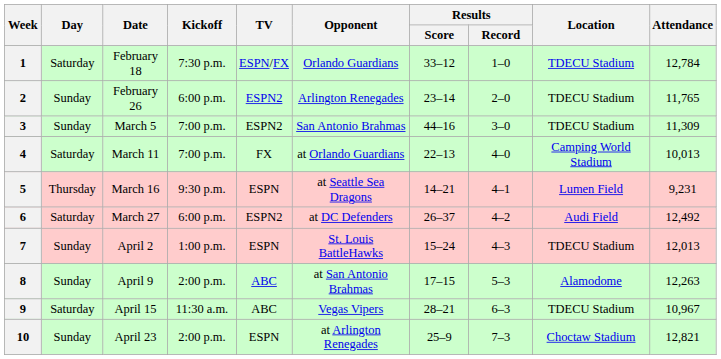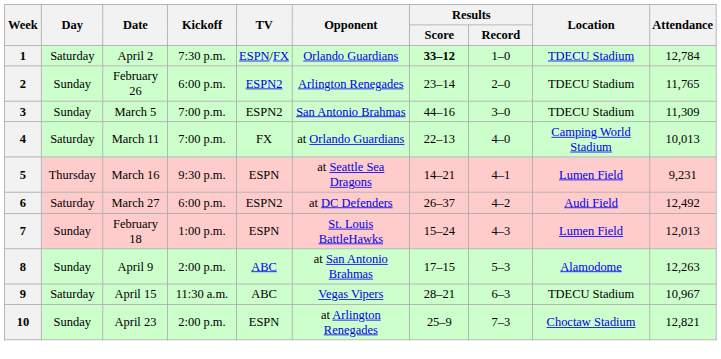 <table class="wikitable" style="text-align:center; font-size: 95%;">
 <tr>
 <th rowspan="2" width="40">Week</th>
 <th rowspan="2" width="80">Day</th>
 <th rowspan="2" width="90">Date</th>
 <th rowspan="2" width="90">Kickoff</th>
 <th rowspan="2" width="60">TV</th>
 <th rowspan="2" width="200">Opponent</th>
 <th colspan="2" width="200">Results</th>
 <th rowspan="2" width="200">Location</th>
 <th rowspan="2">Attendance</th>
 </tr>
 <tr>
 <th width="60">Score</th>
 <th width="60">Record</th>
 </tr>
 <tr bgcolor=#ccffcc>
 <th>1</th>
 <td>Saturday</td>
-<td>February 18</td>
+<td>April 2</td>
 <td>7:30 p.m.</td>
 <td><a href='#'>ESPN</a>/<a href='#'>FX</a></td>
 <td><a href='#'>Orlando Guardians</a></td>
-<td>33–12</td>
+<td><strong>33–12</strong></td>
 <td>1–0</td>
 <td><a href='#'>TDECU Stadium</a></td>
 <td>12,784</td>
 </tr>
 <tr bgcolor=#ccffcc>
 <th>2</th>
 <td>Sunday</td>
 <td>February 26</td>
 <td>6:00 p.m.</td>
 <td><a href='#'>ESPN2</a></td>
 <td><a href='#'>Arlington Renegades</a></td>
 <td>23–14</td>
 <td>2–0</td>
 <td>TDECU Stadium</td>
 <td>11,765</td>
 </tr>
 <tr bgcolor=#ccffcc>
 <th>3</th>
 <td>Sunday</td>
 <td>March 5</td>
 <td>7:00 p.m.</td>
 <td>ESPN2</td>
 <td><a href='#'>San Antonio Brahmas</a></td>
 <td>44–16</td>
 <td>3–0</td>
 <td>TDECU Stadium</td>
 <td>11,309</td>
 </tr>
 <tr bgcolor=#ccffcc>
 <th>4</th>
 <td>Saturday</td>
 <td>March 11</td>
 <td>7:00 p.m.</td>
 <td>FX</td>
 <td>at <a href='#'>Orlando Guardians</a></td>
 <td>22–13</td>
 <td>4–0</td>
 <td><a href='#'>Camping World Stadium</a></td>
 <td>10,013</td>
 </tr>
 <tr bgcolor=#ffcccc>
 <th>5</th>
 <td>Thursday</td>
 <td>March 16</td>
 <td>9:30 p.m.</td>
 <td>ESPN</td>
 <td>at <a href='#'>Seattle Sea Dragons</a></td>
 <td>14–21</td>
 <td>4–1</td>
 <td><a href='#'>Lumen Field</a></td>
 <td>9,231</td>
 </tr>
 <tr bgcolor=#ffcccc>
 <th>6</th>
 <td>Saturday</td>
 <td>March 27</td>
 <td>6:00 p.m.</td>
 <td>ESPN2</td>
 <td>at <a href='#'>DC Defenders</a></td>
 <td>26–37</td>
 <td>4–2</td>
 <td><a href='#'>Audi Field</a></td>
 <td>12,492</td>
 </tr>
 <tr bgcolor=#ffcccc>
 <th>7</th>
 <td>Sunday</td>
-<td>April 2</td>
+<td>February 18</td>
 <td>1:00 p.m.</td>
 <td>ESPN</td>
 <td><a href='#'>St. Louis BattleHawks</a></td>
 <td>15–24</td>
 <td>4–3</td>
-<td>TDECU Stadium</td>
+<td><a href='#'>Lumen Field</a></td>
 <td>12,013</td>
 </tr>
 <tr bgcolor=#ccffcc>
 <th>8</th>
 <td>Sunday</td>
 <td>April 9</td>
 <td>2:00 p.m.</td>
 <td><a href='#'>ABC</a></td>
 <td>at <a href='#'>San Antonio Brahmas</a></td>
 <td>17–15 </td>
 <td>5–3</td>
 <td><a href='#'>Alamodome</a></td>
 <td>12,263</td>
 </tr>
 <tr bgcolor=#ccffcc>
 <th>9</th>
 <td>Saturday</td>
 <td>April 15</td>
 <td>11:30 a.m.</td>
 <td>ABC</td>
 <td><a href='#'>Vegas Vipers</a></td>
 <td>28–21</td>
 <td>6–3</td>
 <td>TDECU Stadium</td>
 <td>10,967</td>
 </tr>
 <tr bgcolor=#ccffcc>
 <th>10</th>
 <td>Sunday</td>
 <td>April 23</td>
 <td>2:00 p.m.</td>
 <td>ESPN</td>
 <td>at <a href='#'>Arlington Renegades</a></td>
 <td>25–9</td>
 <td>7–3</td>
 <td><a href='#'>Choctaw Stadium</a></td>
 <td>12,821</td>
 </tr>
 </table>
